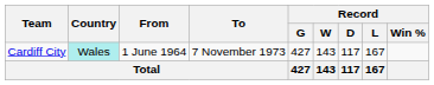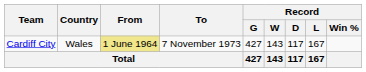 <table class="wikitable" style="text-align: center">
 <tr>
 <th rowspan="2">Team</th>
 <th rowspan="2">Country</th>
 <th rowspan="2">From</th>
 <th rowspan="2">To</th>
 <th colspan="6">Record</th>
 </tr>
 <tr>
 <th>G</th>
 <th>W</th>
 <th>D</th>
 <th>L</th>
 <th>Win %</th>
 </tr>
 <tr>
 <td align=left><a href='#'>Cardiff City</a></td>
-<td style="background: paleturquoise;">Wales</td>
-<td align=left>1 June 1964</td>
+<td>Wales</td>
+<td align=left style="background: khaki;">1 June 1964</td>
 <td align=left>7 November 1973</td>
 <td>427</td>
 <td>143</td>
 <td>117</td>
 <td>167</td>
 <td></td>
 </tr>
 <tr>
 <th colspan="4">Total</th>
 <th>427</th>
 <th>143</th>
 <th>117</th>
 <th>167</th>
 <th></th>
 </tr>
 </table>
